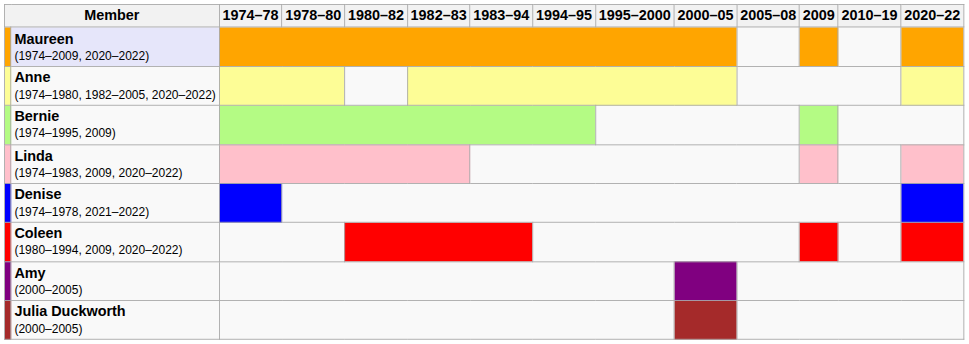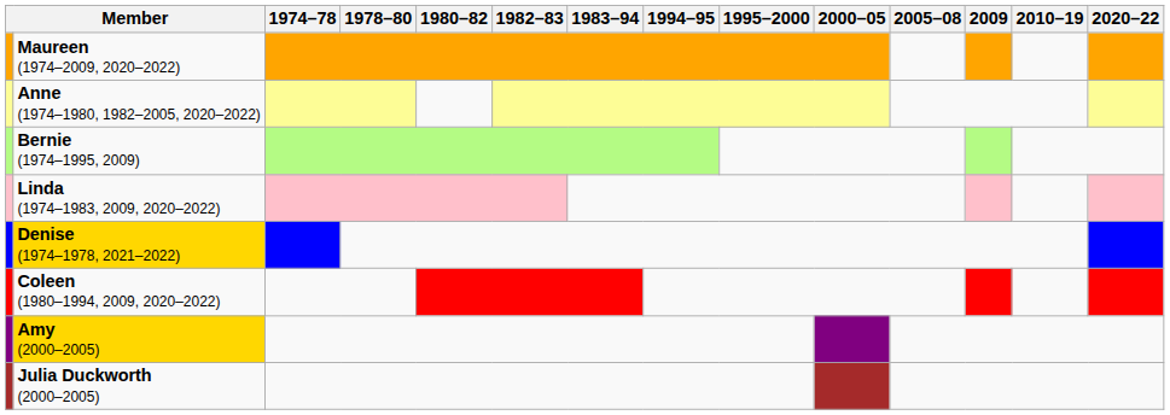 <table class="wikitable">
 <tr>
 <th colspan="2">Member</th>
 <th>1974–78</th>
 <th>1978–80</th>
 <th>1980–82</th>
 <th>1982–83</th>
 <th>1983–94</th>
 <th>1994–95</th>
 <th>1995–2000</th>
 <th>2000–05</th>
 <th>2005–08</th>
 <th>2009</th>
 <th>2010–19</th>
 <th>2020–22</th>
 </tr>
 <tr>
 <td style="background:orange"></td>
-<td style="background: lavender;"><strong>Maureen</strong><br><small>(1974–2009, 2020–2022)</small></td>
+<td><strong>Maureen</strong><br><small>(1974–2009, 2020–2022)</small></td>
 <td colspan="8" style="text-align:center; background:orange;"></td>
 <td></td>
 <td colspan="1" style="text-align:center; background:orange;"></td>
 <td colspan="1"></td>
 <td colspan="1" style="text-align:center; background:orange;"></td>
 </tr>
 <tr>
 <td style="background:#FDFD96"></td>
 <td><strong>Anne</strong><br><small>(1974–1980, 1982–2005, 2020–2022)</small></td>
 <td colspan="2" style="text-align:center; background:#FDFD96;"></td>
 <td></td>
 <td colspan="5" style="text-5align:center; background:#FDFD96;"></td>
 <td colspan="3"></td>
 <td colspan="1" style="text-align:center; background:#FDFD96;"></td>
 </tr>
 <tr>
 <td style="background:#B4FB84"></td>
 <td><strong>Bernie</strong><br><small>(1974–1995, 2009)</small></td>
 <td colspan="6" style="text-align:center; background:#B4FB84;"></td>
 <td colspan="3"></td>
 <td colspan="1" style="text-align:center; background:#B4FB84;"></td>
 </tr>
 <tr>
 <td style="background:pink"></td>
 <td><strong>Linda</strong><br><small>(1974–1983, 2009, 2020–2022)</small></td>
 <td colspan="4" style="text-align:center; background:pink"></td>
 <td colspan="5"></td>
 <td colspan="1" style="text-align:center; background:pink;"></td>
 <td colspan="1"></td>
 <td colspan="1" style="text-align:center; background:pink;"></td>
 </tr>
 <tr>
 <td style="background:blue"></td>
-<td><strong>Denise</strong><br><small>(1974–1978, 2021–2022)</small></td>
+<td style="background: gold;"><strong>Denise</strong><br><small>(1974–1978, 2021–2022)</small></td>
 <td style="text-align:center; background:blue"></td>
 <td colspan="10"></td>
 <td colspan="1" style="text-align:center; background:blue;"></td>
 </tr>
 <tr>
 <td style="background:red"></td>
 <td><strong>Coleen</strong><br><small>(1980–1994, 2009, 2020–2022)</small></td>
 <td colspan="2"></td>
 <td colspan="3" style="text-align:center; background:red"></td>
 <td colspan="4"></td>
 <td colspan="1" style="text-align:center; background:red;"></td>
 <td colspan="1"></td>
 <td colspan="1" style="text-align:center; background:red;"></td>
 </tr>
 <tr>
 <td style="background:purple"></td>
-<td><strong>Amy</strong><br><small>(2000–2005)</small></td>
+<td style="background: gold;"><strong>Amy</strong><br><small>(2000–2005)</small></td>
 <td colspan="7"></td>
 <td colspan="1" style="text-align:center; background:purple;"></td>
 <td colspan="4"></td>
 </tr>
 <tr>
 <td style="background:brown"></td>
 <td><strong>Julia Duckworth</strong><br><small>(2000–2005)</small></td>
 <td colspan="7"></td>
 <td colspan="1" style="text-align:center; background:brown;"></td>
 <td colspan="4"></td>
 </tr>
 </table>
